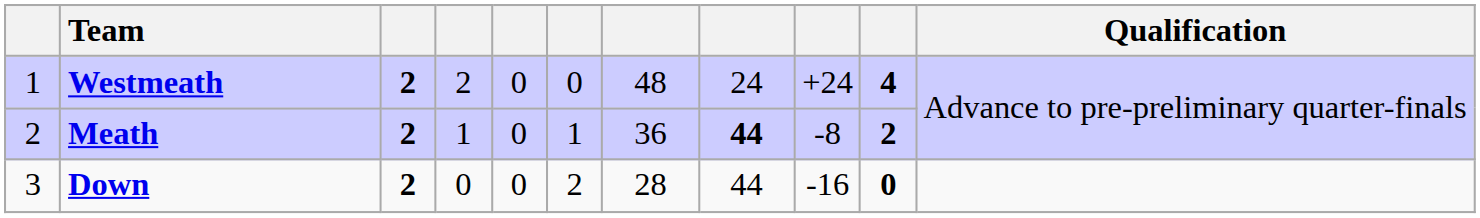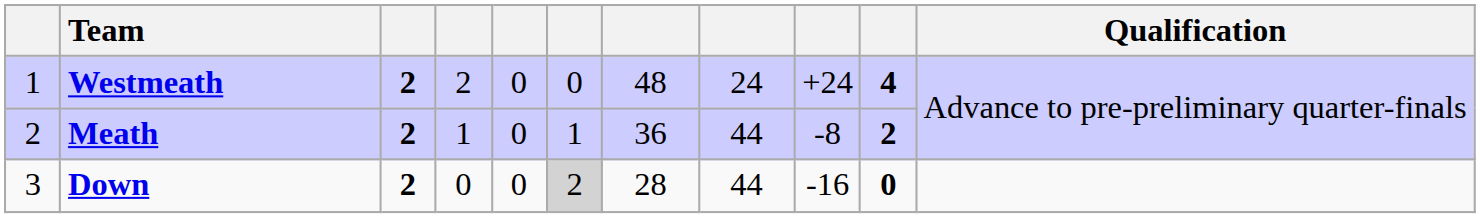 <table class="wikitable" style="text-align:center">
 <tr>
 <th width=20></th>
 <th width=150 style="text-align:left;">Team</th>
 <th width=20></th>
 <th width=20></th>
 <th width=20></th>
 <th width=20></th>
 <th width=40></th>
 <th width=40></th>
 <th width=20></th>
 <th width=20></th>
 <th>Qualification</th>
 </tr>
 <tr style="background:#ccccff">
 <td>1</td>
 <td align="left"><strong> <a href='#'>Westmeath</a> </strong></td>
 <td><strong>2</strong></td>
 <td>2</td>
 <td>0</td>
 <td>0</td>
 <td>48</td>
 <td>24</td>
 <td>+24</td>
 <td><strong>4</strong></td>
 <td rowspan="2">Advance to pre-preliminary quarter-finals</td>
 </tr>
 <tr style="background:#ccccff">
 <td>2</td>
 <td align="left"><strong> <a href='#'>Meath</a> </strong></td>
 <td><strong>2</strong></td>
 <td>1</td>
 <td>0</td>
 <td>1</td>
 <td>36</td>
-<td><strong>44</strong></td>
+<td>44</td>
 <td>-8</td>
 <td><strong>2</strong></td>
 </tr>
 <tr>
 <td>3</td>
 <td align=left><strong> <a href='#'>Down</a></strong></td>
 <td><strong>2</strong></td>
 <td>0</td>
 <td>0</td>
-<td>2</td>
+<td style="background: lightgrey;">2</td>
 <td>28</td>
 <td>44</td>
 <td>-16</td>
 <td><strong>0</strong></td>
 <td></td>
 </tr>
 </table>
